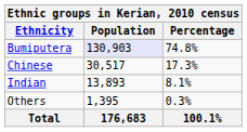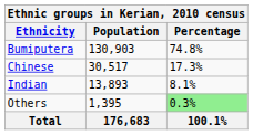 <table class="wikitable">
 <tr>
 <th style="text-align:center;" colspan="3">Ethnic groups in Kerian, 2010 census</th>
 </tr>
 <tr>
 <th><a href='#'>Ethnicity</a></th>
 <th>Population</th>
 <th>Percentage</th>
 </tr>
 <tr>
 <td><a href='#'>Bumiputera</a></td>
-<td style="background: lavender;">130,903</td>
+<td>130,903</td>
 <td>74.8%</td>
 </tr>
 <tr>
 <td><a href='#'>Chinese</a></td>
 <td>30,517</td>
 <td>17.3%</td>
 </tr>
 <tr>
 <td><a href='#'>Indian</a></td>
 <td>13,893</td>
 <td>8.1%</td>
 </tr>
 <tr>
 <td>Others</td>
 <td>1,395</td>
-<td>0.3%</td>
+<td style="background: lightgreen;">0.3%</td>
 </tr>
 <tr>
 <th>Total</th>
 <th>176,683</th>
 <th>100.1%</th>
 </tr>
 </table>
